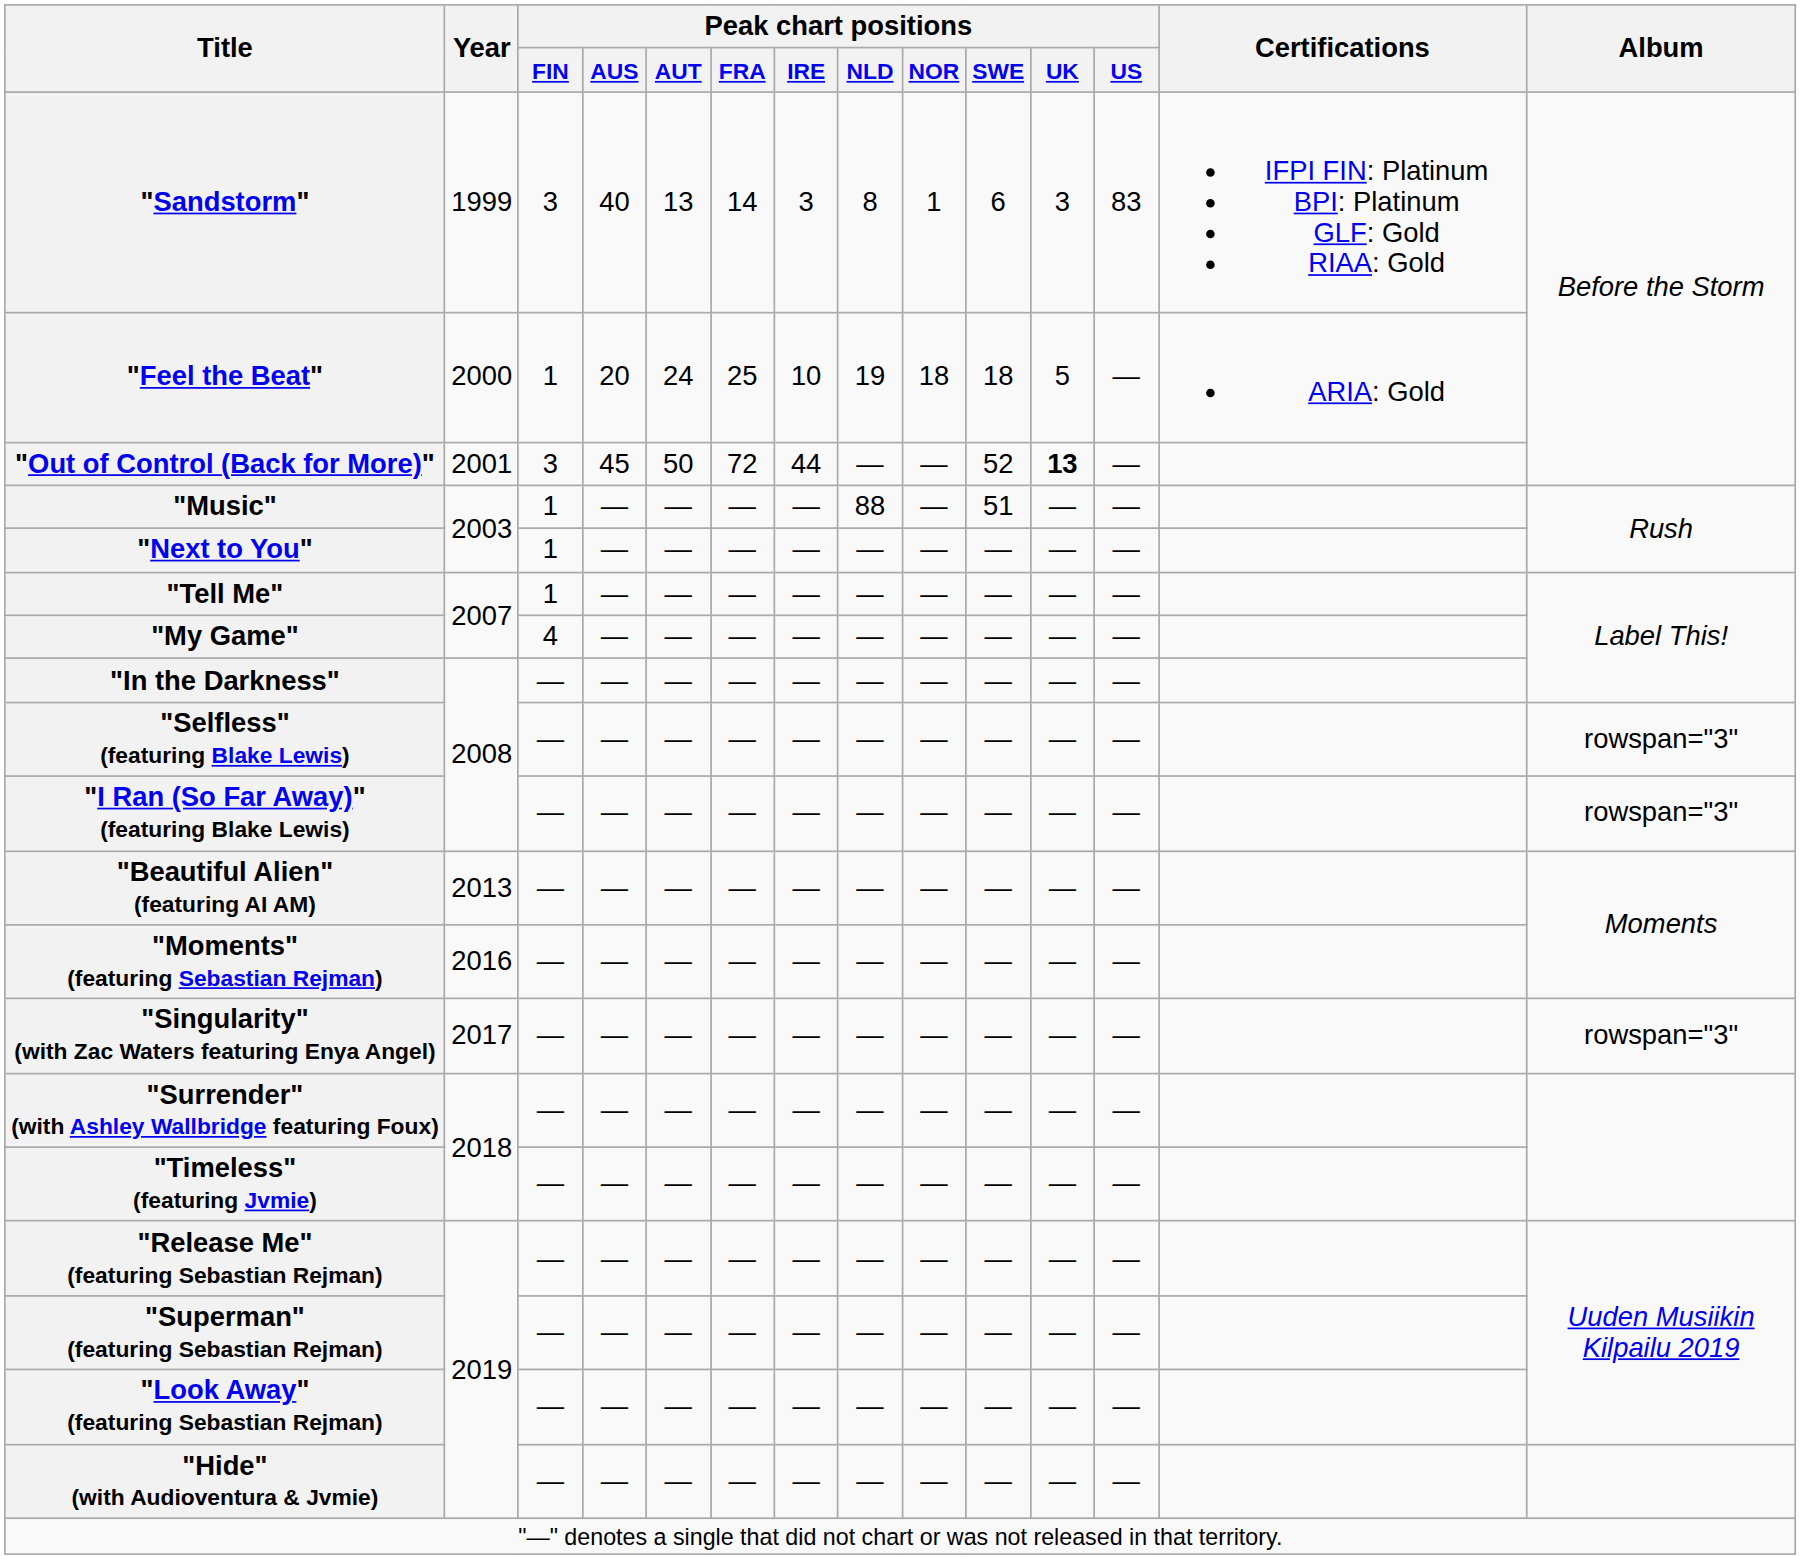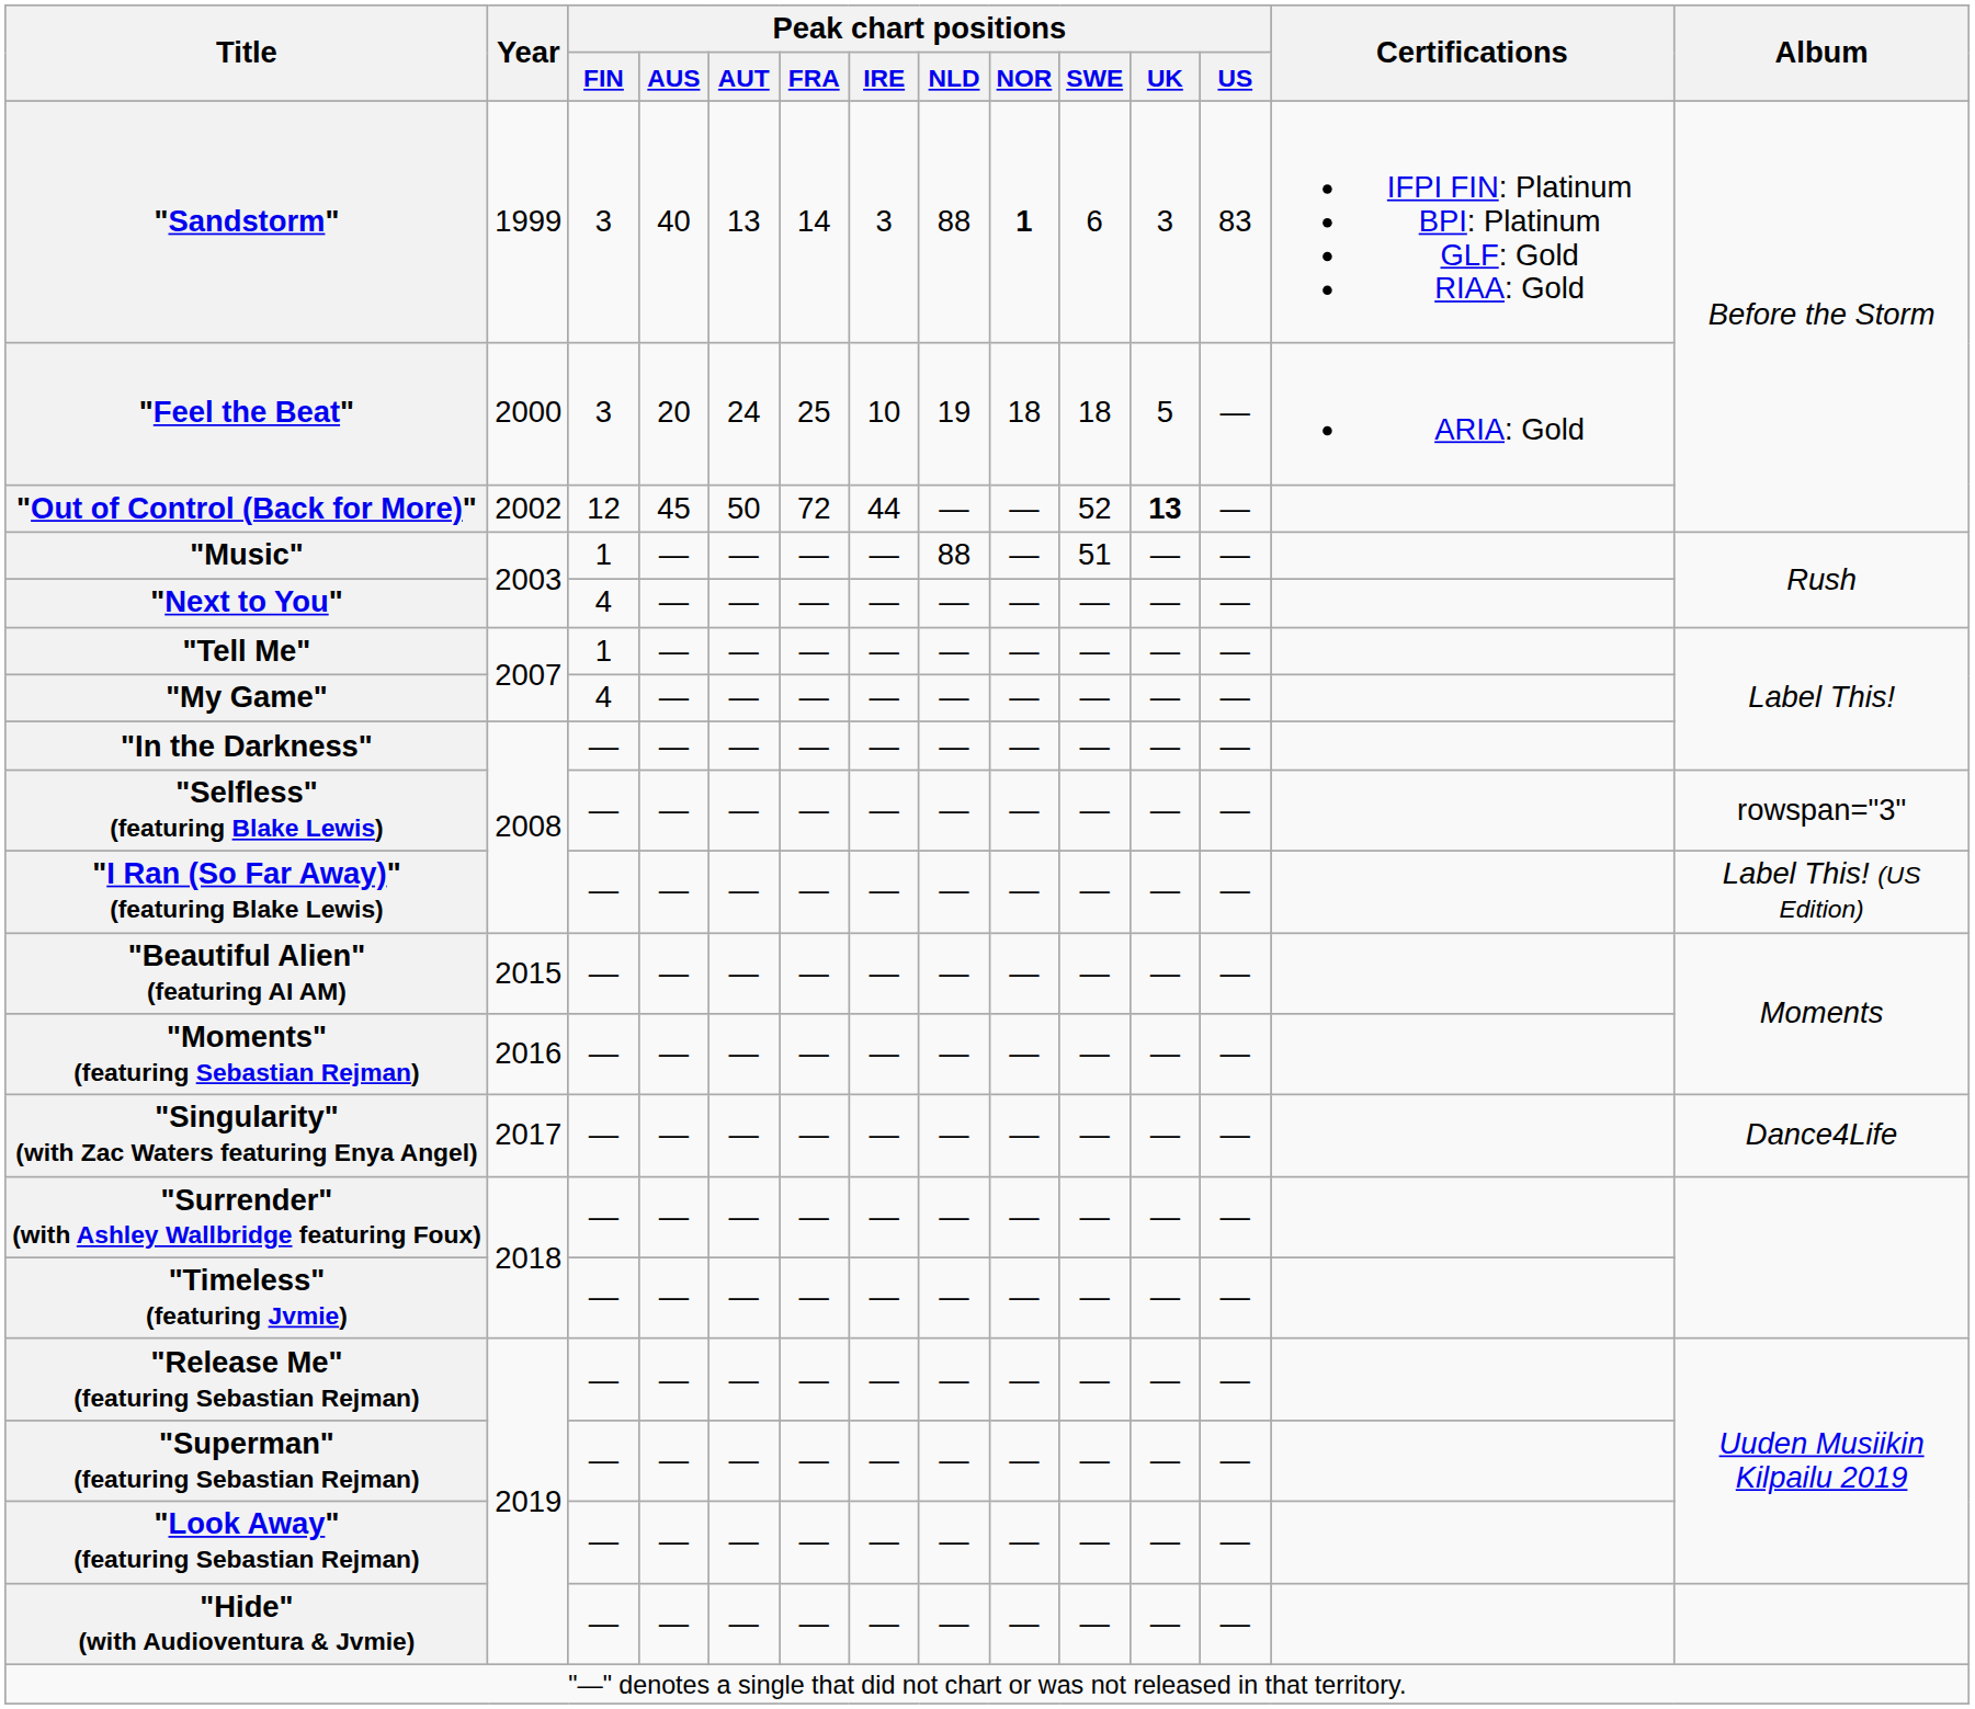 <table class="wikitable plainrowheaders" style=text-align:center;>
 <tr>
 <th rowspan=2>Title</th>
 <th rowspan=2>Year</th>
 <th colspan="10">Peak chart positions</th>
 <th rowspan="2" style="width:13em;">Certifications</th>
 <th rowspan=2 style="width:150px;">Album</th>
 </tr>
 <tr>
 <th style="width:30px;"><small><a href='#'>FIN</a><br></small></th>
 <th style="width:30px;"><small><a href='#'>AUS</a><br></small></th>
 <th style="width:30px;"><small><a href='#'>AUT</a><br></small></th>
 <th style="width:30px;"><small><a href='#'>FRA</a><br></small></th>
 <th style="width:30px;"><small><a href='#'>IRE</a><br></small></th>
 <th style="width:30px;"><small><a href='#'>NLD</a><br></small></th>
 <th style="width:30px;"><small><a href='#'>NOR</a><br></small></th>
 <th style="width:30px;"><small><a href='#'>SWE</a><br></small></th>
 <th style="width:30px;"><small><a href='#'>UK</a><br></small></th>
 <th style="width:30px;"><small><a href='#'>US</a><br></small></th>
 </tr>
 <tr>
 <th scope="row">"<a href='#'>Sandstorm</a>"</th>
 <td>1999</td>
 <td>3</td>
 <td>40</td>
 <td>13</td>
 <td>14</td>
 <td>3</td>
-<td>8</td>
-<td>1</td>
+<td>88</td>
+<td><strong>1</strong></td>
 <td>6</td>
 <td>3</td>
 <td>83</td>
 <td><br><ul><li><a href='#'>IFPI FIN</a>: Platinum</li><li><a href='#'>BPI</a>: Platinum</li><li><a href='#'>GLF</a>: Gold</li><li><a href='#'>RIAA</a>: Gold</li></ul></td>
 <td rowspan="3"><em>Before the Storm</em></td>
 </tr>
 <tr>
 <th scope="row">"<a href='#'>Feel the Beat</a>"</th>
 <td>2000</td>
-<td>1</td>
+<td>3</td>
 <td>20</td>
 <td>24</td>
 <td>25</td>
 <td>10</td>
 <td>19</td>
 <td>18</td>
 <td>18</td>
 <td>5</td>
 <td>—</td>
 <td><br><ul><li><a href='#'>ARIA</a>: Gold</li></ul></td>
 </tr>
 <tr>
 <th scope="row">"<a href='#'>Out of Control (Back for More)</a>"</th>
-<td>2001</td>
-<td>3</td>
+<td>2002</td>
+<td>12</td>
 <td>45</td>
 <td>50</td>
 <td>72</td>
 <td>44</td>
 <td>—</td>
 <td>—</td>
 <td>52</td>
 <td><strong>13</strong></td>
 <td>—</td>
 <td></td>
 </tr>
 <tr>
 <th scope="row">"Music"</th>
 <td rowspan="2">2003</td>
 <td>1</td>
 <td>—</td>
 <td>—</td>
 <td>—</td>
 <td>—</td>
 <td>88</td>
 <td>—</td>
 <td>51</td>
 <td>—</td>
 <td>—</td>
 <td></td>
 <td rowspan="2"><em>Rush</em></td>
 </tr>
 <tr>
 <th scope="row">"<a href='#'>Next to You</a>"</th>
-<td>1</td>
+<td>4</td>
 <td>—</td>
 <td>—</td>
 <td>—</td>
 <td>—</td>
 <td>—</td>
 <td>—</td>
 <td>—</td>
 <td>—</td>
 <td>—</td>
 <td></td>
 </tr>
 <tr>
 <th scope="row">"Tell Me"</th>
 <td rowspan="2">2007</td>
 <td>1</td>
 <td>—</td>
 <td>—</td>
 <td>—</td>
 <td>—</td>
 <td>—</td>
 <td>—</td>
 <td>—</td>
 <td>—</td>
 <td>—</td>
 <td></td>
 <td rowspan="3"><em>Label This!</em></td>
 </tr>
 <tr>
 <th scope="row">"My Game"</th>
 <td>4</td>
 <td>—</td>
 <td>—</td>
 <td>—</td>
 <td>—</td>
 <td>—</td>
 <td>—</td>
 <td>—</td>
 <td>—</td>
 <td>—</td>
 <td></td>
 </tr>
 <tr>
 <th scope="row">"In the Darkness"</th>
 <td rowspan="3">2008</td>
 <td>—</td>
 <td>—</td>
 <td>—</td>
 <td>—</td>
 <td>—</td>
 <td>—</td>
 <td>—</td>
 <td>—</td>
 <td>—</td>
 <td>—</td>
 <td></td>
 </tr>
 <tr>
 <th scope="row">"Selfless" <br><small>(featuring <a href='#'>Blake Lewis</a>)</small></th>
 <td>—</td>
 <td>—</td>
 <td>—</td>
 <td>—</td>
 <td>—</td>
 <td>—</td>
 <td>—</td>
 <td>—</td>
 <td>—</td>
 <td>—</td>
 <td></td>
 <td>rowspan="3" </td>
 </tr>
 <tr>
 <th scope="row">"<a href='#'>I Ran (So Far Away)</a>"<br><small>(featuring Blake Lewis)</small></th>
 <td>—</td>
 <td>—</td>
 <td>—</td>
 <td>—</td>
 <td>—</td>
 <td>—</td>
 <td>—</td>
 <td>—</td>
 <td>—</td>
 <td>—</td>
 <td></td>
-<td>rowspan="3" </td>
+<td><em>Label This! <small>(US Edition)</small></em></td>
 </tr>
 <tr>
 <th scope="row">"Beautiful Alien" <br><small>(featuring AI AM)</small></th>
-<td>2013</td>
+<td>2015</td>
 <td>—</td>
 <td>—</td>
 <td>—</td>
 <td>—</td>
 <td>—</td>
 <td>—</td>
 <td>—</td>
 <td>—</td>
 <td>—</td>
 <td>—</td>
 <td></td>
 <td rowspan="2"><em>Moments</em></td>
 </tr>
 <tr>
 <th scope="row">"Moments"<br><small>(featuring <a href='#'>Sebastian Rejman</a>)</small></th>
 <td>2016</td>
 <td>—</td>
 <td>—</td>
 <td>—</td>
 <td>—</td>
 <td>—</td>
 <td>—</td>
 <td>—</td>
 <td>—</td>
 <td>—</td>
 <td>—</td>
 <td></td>
 </tr>
 <tr>
 <th scope="row">"Singularity"<br><small>(with Zac Waters featuring Enya Angel)</small></th>
 <td>2017</td>
 <td>—</td>
 <td>—</td>
 <td>—</td>
 <td>—</td>
 <td>—</td>
 <td>—</td>
 <td>—</td>
 <td>—</td>
 <td>—</td>
 <td>—</td>
 <td></td>
-<td>rowspan="3" </td>
+<td><em>Dance4Life</em></td>
 </tr>
 <tr>
 <th scope="row">"Surrender" <br><small>(with <a href='#'>Ashley Wallbridge</a> featuring Foux)</small></th>
 <td rowspan="2">2018</td>
 <td>—</td>
 <td>—</td>
 <td>—</td>
 <td>—</td>
 <td>—</td>
 <td>—</td>
 <td>—</td>
 <td>—</td>
 <td>—</td>
 <td>—</td>
 <td></td>
 </tr>
 <tr>
 <th scope="row">"Timeless" <br><small>(featuring <a href='#'>Jvmie</a>)</small></th>
 <td>—</td>
 <td>—</td>
 <td>—</td>
 <td>—</td>
 <td>—</td>
 <td>—</td>
 <td>—</td>
 <td>—</td>
 <td>—</td>
 <td>—</td>
 <td></td>
 </tr>
 <tr>
 <th scope="row">"Release Me"<br><small>(featuring Sebastian Rejman)</small></th>
 <td rowspan="4">2019</td>
 <td>—</td>
 <td>—</td>
 <td>—</td>
 <td>—</td>
 <td>—</td>
 <td>—</td>
 <td>—</td>
 <td>—</td>
 <td>—</td>
 <td>—</td>
 <td></td>
 <td rowspan="3"><em><a href='#'>Uuden Musiikin Kilpailu 2019</a></em></td>
 </tr>
 <tr>
 <th scope="row">"Superman"<br><small>(featuring Sebastian Rejman)</small></th>
 <td>—</td>
 <td>—</td>
 <td>—</td>
 <td>—</td>
 <td>—</td>
 <td>—</td>
 <td>—</td>
 <td>—</td>
 <td>—</td>
 <td>—</td>
 <td></td>
 </tr>
 <tr>
 <th scope="row">"<a href='#'>Look Away</a>"<br><small>(featuring Sebastian Rejman)</small></th>
 <td>—</td>
 <td>—</td>
 <td>—</td>
 <td>—</td>
 <td>—</td>
 <td>—</td>
 <td>—</td>
 <td>—</td>
 <td>—</td>
 <td>—</td>
 <td></td>
 </tr>
 <tr>
 <th scope="row">"Hide"<br><small>(with Audioventura & Jvmie)</small></th>
 <td>—</td>
 <td>—</td>
 <td>—</td>
 <td>—</td>
 <td>—</td>
 <td>—</td>
 <td>—</td>
 <td>—</td>
 <td>—</td>
 <td>—</td>
 <td></td>
 <td></td>
 </tr>
 <tr>
 <td colspan="15" style="font-size:85%">"—" denotes a single that did not chart or was not released in that territory.</td>
 </tr>
 </table>
